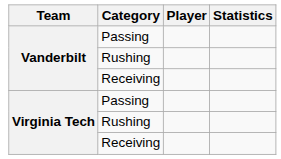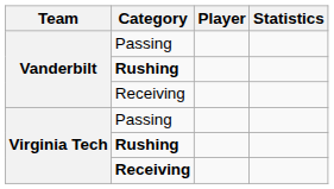 <table class="wikitable" style="float:right">
 <tr>
 <th>Team</th>
 <th>Category</th>
 <th>Player</th>
 <th>Statistics</th>
 </tr>
 <tr>
 <th rowspan=3>Vanderbilt</th>
 <td>Passing</td>
 <td></td>
 <td></td>
 </tr>
 <tr>
-<td>Rushing</td>
+<td><strong>Rushing</strong></td>
 <td></td>
 <td></td>
 </tr>
 <tr>
 <td>Receiving</td>
 <td></td>
 <td></td>
 </tr>
 <tr>
 <th rowspan=3>Virginia Tech</th>
 <td>Passing</td>
 <td></td>
 <td></td>
 </tr>
 <tr>
-<td>Rushing</td>
+<td><strong>Rushing</strong></td>
 <td></td>
 <td></td>
 </tr>
 <tr>
-<td>Receiving</td>
+<td><strong>Receiving</strong></td>
 <td></td>
 <td></td>
 </tr>
 </table>
